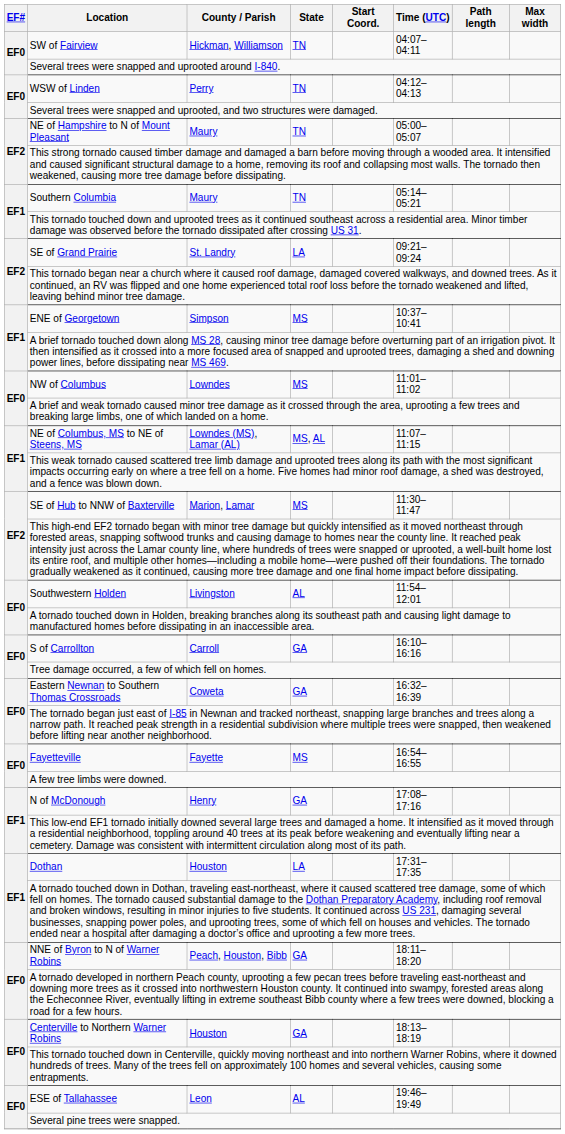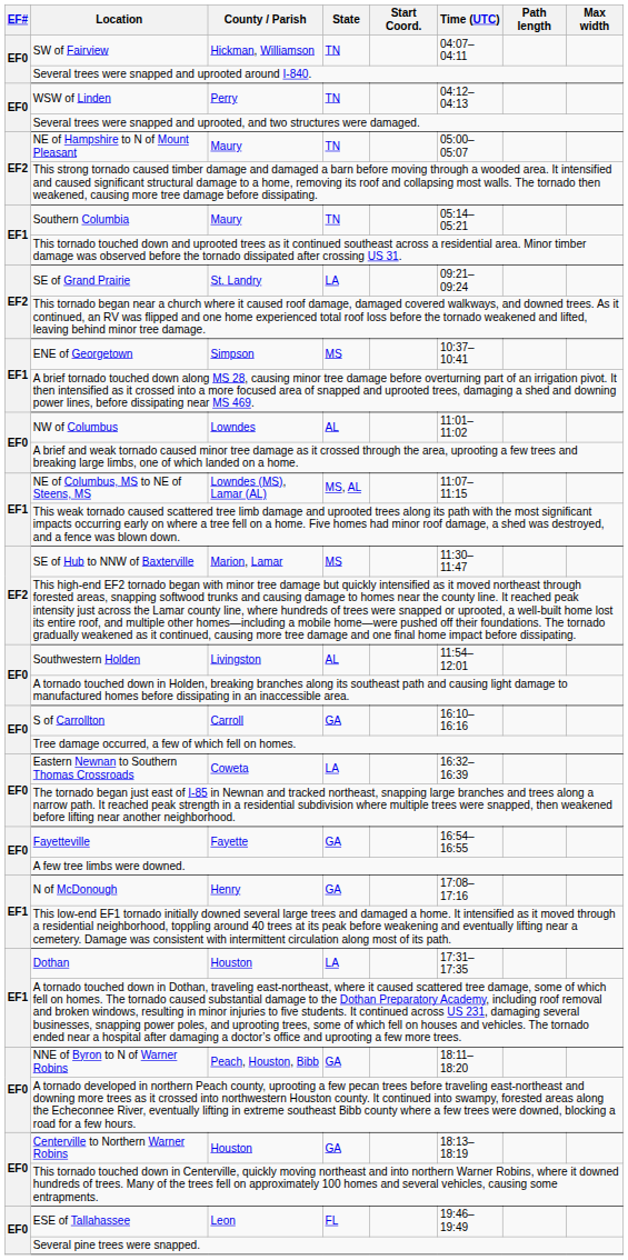 <table class="wikitable sortable" style="width:100%;">
 <tr>
 <th scope="col" width="2%" align="center"><a href='#'>EF#</a></th>
 <th scope="col" align="center" class="unsortable">Location</th>
 <th scope="col" align="center" class="unsortable">County / Parish</th>
 <th scope="col" align="center">State</th>
 <th scope="col" align="center">Start Coord.</th>
 <th scope="col" align="center">Time (<a href='#'>UTC</a>)</th>
 <th scope="col" align="center">Path length</th>
 <th scope="col" align="center">Max width</th>
 </tr>
 <tr>
 <th scope="row" rowspan="2" style="background-color:#">EF0</th>
 <td>SW of <a href='#'>Fairview</a></td>
 <td><a href='#'>Hickman</a>, <a href='#'>Williamson</a></td>
 <td><a href='#'>TN</a></td>
 <td></td>
 <td>04:07–04:11</td>
 <td></td>
 <td></td>
 </tr>
 <tr class="expand-child">
 <td colspan="8" style=" border-bottom: 1px solid black;">Several trees were snapped and uprooted around <a href='#'>I-840</a>.</td>
 </tr>
 <tr>
 <th scope="row" rowspan="2" style="background-color:#">EF0</th>
 <td>WSW of <a href='#'>Linden</a></td>
 <td><a href='#'>Perry</a></td>
 <td><a href='#'>TN</a></td>
 <td></td>
 <td>04:12–04:13</td>
 <td></td>
 <td></td>
 </tr>
 <tr class="expand-child">
 <td colspan="8" style=" border-bottom: 1px solid black;">Several trees were snapped and uprooted, and two structures were damaged.</td>
 </tr>
 <tr>
 <th scope="row" rowspan="2" style="background-color:#">EF2</th>
 <td>NE of <a href='#'>Hampshire</a> to N of <a href='#'>Mount Pleasant</a></td>
 <td><a href='#'>Maury</a></td>
 <td><a href='#'>TN</a></td>
 <td></td>
 <td>05:00–05:07</td>
 <td></td>
 <td></td>
 </tr>
 <tr class="expand-child">
 <td colspan="8" style=" border-bottom: 1px solid black;">This strong tornado caused timber damage and damaged a barn before moving through a wooded area. It intensified and caused significant structural damage to a home, removing its roof and collapsing most walls. The tornado then weakened, causing more tree damage before dissipating.</td>
 </tr>
 <tr>
 <th scope="row" rowspan="2" style="background-color:#">EF1</th>
 <td>Southern <a href='#'>Columbia</a></td>
 <td><a href='#'>Maury</a></td>
 <td><a href='#'>TN</a></td>
 <td></td>
 <td>05:14–05:21</td>
 <td></td>
 <td></td>
 </tr>
 <tr class="expand-child">
 <td colspan="8" style=" border-bottom: 1px solid black;">This tornado touched down and uprooted trees as it continued southeast across a residential area. Minor timber damage was observed before the tornado dissipated after crossing <a href='#'>US 31</a>.</td>
 </tr>
 <tr>
 <th scope="row" rowspan="2" style="background-color:#">EF2</th>
 <td>SE of <a href='#'>Grand Prairie</a></td>
 <td><a href='#'>St. Landry</a></td>
 <td><a href='#'>LA</a></td>
 <td></td>
 <td>09:21–09:24</td>
 <td></td>
 <td></td>
 </tr>
 <tr class="expand-child">
 <td colspan="8" style=" border-bottom: 1px solid black;">This tornado began near a church where it caused roof damage, damaged covered walkways, and downed trees. As it continued, an RV was flipped and one home experienced total roof loss before the tornado weakened and lifted, leaving behind minor tree damage.</td>
 </tr>
 <tr>
 <th scope="row" rowspan="2" style="background-color:#">EF1</th>
 <td>ENE of <a href='#'>Georgetown</a></td>
 <td><a href='#'>Simpson</a></td>
 <td><a href='#'>MS</a></td>
 <td></td>
 <td>10:37–10:41</td>
 <td></td>
 <td></td>
 </tr>
 <tr class="expand-child">
 <td colspan="8" style=" border-bottom: 1px solid black;">A brief tornado touched down along <a href='#'>MS 28</a>, causing minor tree damage before overturning part of an irrigation pivot. It then intensified as it crossed into a more focused area of snapped and uprooted trees, damaging a shed and downing power lines, before dissipating near <a href='#'>MS 469</a>.</td>
 </tr>
 <tr>
 <th scope="row" rowspan="2" style="background-color:#">EF0</th>
 <td>NW of <a href='#'>Columbus</a></td>
 <td><a href='#'>Lowndes</a></td>
-<td><a href='#'>MS</a></td>
+<td><a href='#'>AL</a></td>
 <td></td>
 <td>11:01–11:02</td>
 <td></td>
 <td></td>
 </tr>
 <tr class="expand-child">
 <td colspan="8" style=" border-bottom: 1px solid black;">A brief and weak tornado caused minor tree damage as it crossed through the area, uprooting a few trees and breaking large limbs, one of which landed on a home.</td>
 </tr>
 <tr>
 <th scope="row" rowspan="2" style="background-color:#">EF1</th>
 <td>NE of <a href='#'>Columbus, MS</a> to NE of <a href='#'>Steens, MS</a></td>
 <td><a href='#'>Lowndes (MS)</a>, <a href='#'>Lamar (AL)</a></td>
 <td><a href='#'>MS</a>, <a href='#'>AL</a></td>
 <td></td>
 <td>11:07–11:15</td>
 <td></td>
 <td></td>
 </tr>
 <tr class="expand-child">
 <td colspan="8" style=" border-bottom: 1px solid black;">This weak tornado caused scattered tree limb damage and uprooted trees along its path with the most significant impacts occurring early on where a tree fell on a home. Five homes had minor roof damage, a shed was destroyed, and a fence was blown down.</td>
 </tr>
 <tr>
 <th scope="row" rowspan="2" style="background-color:#">EF2</th>
 <td>SE of <a href='#'>Hub</a> to NNW of <a href='#'>Baxterville</a></td>
 <td><a href='#'>Marion</a>, <a href='#'>Lamar</a></td>
 <td><a href='#'>MS</a></td>
 <td></td>
 <td>11:30–11:47</td>
 <td></td>
 <td></td>
 </tr>
 <tr class="expand-child">
 <td colspan="8" style=" border-bottom: 1px solid black;">This high-end EF2 tornado began with minor tree damage but quickly intensified as it moved northeast through forested areas, snapping softwood trunks and causing damage to homes near the county line. It reached peak intensity just across the Lamar county line, where hundreds of trees were snapped or uprooted, a well-built home lost its entire roof, and multiple other homes—including a mobile home—were pushed off their foundations. The tornado gradually weakened as it continued, causing more tree damage and one final home impact before dissipating.</td>
 </tr>
 <tr>
 <th scope="row" rowspan="2" style="background-color:#">EF0</th>
 <td>Southwestern <a href='#'>Holden</a></td>
 <td><a href='#'>Livingston</a></td>
 <td><a href='#'>AL</a></td>
 <td></td>
 <td>11:54–12:01</td>
 <td></td>
 <td></td>
 </tr>
 <tr class="expand-child">
 <td colspan="8" style=" border-bottom: 1px solid black;">A tornado touched down in Holden, breaking branches along its southeast path and causing light damage to manufactured homes before dissipating in an inaccessible area.</td>
 </tr>
 <tr>
 <th scope="row" rowspan="2" style="background-color:#">EF0</th>
 <td>S of <a href='#'>Carrollton</a></td>
 <td><a href='#'>Carroll</a></td>
 <td><a href='#'>GA</a></td>
 <td></td>
 <td>16:10–16:16</td>
 <td></td>
 <td></td>
 </tr>
 <tr class="expand-child">
 <td colspan="8" style=" border-bottom: 1px solid black;">Tree damage occurred, a few of which fell on homes.</td>
 </tr>
 <tr>
 <th scope="row" rowspan="2" style="background-color:#">EF0</th>
 <td>Eastern <a href='#'>Newnan</a> to Southern <a href='#'>Thomas Crossroads</a></td>
 <td><a href='#'>Coweta</a></td>
-<td><a href='#'>GA</a></td>
+<td><a href='#'>LA</a></td>
 <td></td>
 <td>16:32–16:39</td>
 <td></td>
 <td></td>
 </tr>
 <tr class="expand-child">
 <td colspan="8" style=" border-bottom: 1px solid black;">The tornado began just east of <a href='#'>I-85</a> in Newnan and tracked northeast, snapping large branches and trees along a narrow path. It reached peak strength in a residential subdivision where multiple trees were snapped, then weakened before lifting near another neighborhood.</td>
 </tr>
 <tr>
 <th scope="row" rowspan="2" style="background-color:#">EF0</th>
 <td><a href='#'>Fayetteville</a></td>
 <td><a href='#'>Fayette</a></td>
-<td><a href='#'>MS</a></td>
+<td><a href='#'>GA</a></td>
 <td></td>
 <td>16:54–16:55</td>
 <td></td>
 <td></td>
 </tr>
 <tr class="expand-child">
 <td colspan="8" style=" border-bottom: 1px solid black;">A few tree limbs were downed.</td>
 </tr>
 <tr>
 <th scope="row" rowspan="2" style="background-color:#">EF1</th>
 <td>N of <a href='#'>McDonough</a></td>
 <td><a href='#'>Henry</a></td>
 <td><a href='#'>GA</a></td>
 <td></td>
 <td>17:08–17:16</td>
 <td></td>
 <td></td>
 </tr>
 <tr class="expand-child">
 <td colspan="8" style=" border-bottom: 1px solid black;">This low-end EF1 tornado initially downed several large trees and damaged a home. It intensified as it moved through a residential neighborhood, toppling around 40 trees at its peak before weakening and eventually lifting near a cemetery. Damage was consistent with intermittent circulation along most of its path.</td>
 </tr>
 <tr>
 <th scope="row" rowspan="2" style="background-color:#">EF1</th>
 <td><a href='#'>Dothan</a></td>
 <td><a href='#'>Houston</a></td>
 <td><a href='#'>LA</a></td>
 <td></td>
 <td>17:31–17:35</td>
 <td></td>
 <td></td>
 </tr>
 <tr class="expand-child">
 <td colspan="8" style=" border-bottom: 1px solid black;">A tornado touched down in Dothan, traveling east-northeast, where it caused scattered tree damage, some of which fell on homes. The tornado caused substantial damage to the <a href='#'>Dothan Preparatory Academy</a>, including roof removal and broken windows, resulting in minor injuries to five students. It continued across <a href='#'>US 231</a>, damaging several businesses, snapping power poles, and uprooting trees, some of which fell on houses and vehicles. The tornado ended near a hospital after damaging a doctor’s office and uprooting a few more trees.</td>
 </tr>
 <tr>
 <th scope="row" rowspan="2" style="background-color:#">EF0</th>
 <td>NNE of <a href='#'>Byron</a> to N of <a href='#'>Warner Robins</a></td>
 <td><a href='#'>Peach</a>, <a href='#'>Houston</a>, <a href='#'>Bibb</a></td>
 <td><a href='#'>GA</a></td>
 <td></td>
 <td>18:11–18:20</td>
 <td></td>
 <td></td>
 </tr>
 <tr class="expand-child">
 <td colspan="8" style=" border-bottom: 1px solid black;">A tornado developed in northern Peach county, uprooting a few pecan trees before traveling east-northeast and downing more trees as it crossed into northwestern Houston county. It continued into swampy, forested areas along the Echeconnee River, eventually lifting in extreme southeast Bibb county where a few trees were downed, blocking a road for a few hours.</td>
 </tr>
 <tr>
 <th scope="row" rowspan="2" style="background-color:#">EF0</th>
 <td><a href='#'>Centerville</a> to Northern <a href='#'>Warner Robins</a></td>
 <td><a href='#'>Houston</a></td>
 <td><a href='#'>GA</a></td>
 <td></td>
 <td>18:13–18:19</td>
 <td></td>
 <td></td>
 </tr>
 <tr class="expand-child">
 <td colspan="8" style=" border-bottom: 1px solid black;">This tornado touched down in Centerville, quickly moving northeast and into northern Warner Robins, where it downed hundreds of trees. Many of the trees fell on approximately 100 homes and several vehicles, causing some entrapments.</td>
 </tr>
 <tr>
 <th scope="row" rowspan="2" style="background-color:#">EF0</th>
 <td>ESE of <a href='#'>Tallahassee</a></td>
 <td><a href='#'>Leon</a></td>
-<td><a href='#'>AL</a></td>
+<td><a href='#'>FL</a></td>
 <td></td>
 <td>19:46–19:49</td>
 <td></td>
 <td></td>
 </tr>
 <tr class="expand-child">
 <td colspan="8" style=" border-bottom: 1px solid black;">Several pine trees were snapped.</td>
 </tr>
 <tr>
 </tr>
 </table>
